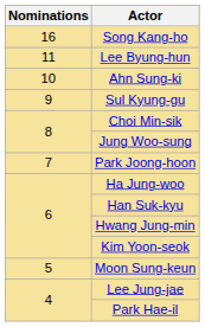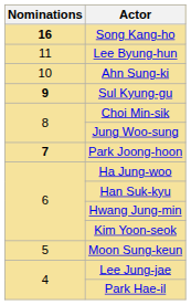 <table class="wikitable" rowspan=2 style="text-align: center; background: #f6e39c">
 <tr>
 <th scope="col" width="55">Nominations</th>
 <th scope="col" align="center">Actor</th>
 </tr>
 <tr>
-<td>16</td>
+<td><strong>16</strong></td>
 <td><a href='#'>Song Kang-ho</a></td>
 </tr>
 <tr>
 <td>11</td>
 <td><a href='#'>Lee Byung-hun</a></td>
 </tr>
 <tr>
 <td>10</td>
 <td><a href='#'>Ahn Sung-ki</a></td>
 </tr>
 <tr>
-<td>9</td>
+<td><strong>9</strong></td>
 <td><a href='#'>Sul Kyung-gu</a></td>
 </tr>
 <tr>
 <td rowspan="2">8</td>
 <td><a href='#'>Choi Min-sik</a></td>
 </tr>
 <tr>
 <td><a href='#'>Jung Woo-sung</a></td>
 </tr>
 <tr>
-<td>7</td>
+<td><strong>7</strong></td>
 <td><a href='#'>Park Joong-hoon</a></td>
 </tr>
 <tr>
 <td rowspan="4">6</td>
 <td><a href='#'>Ha Jung-woo</a></td>
 </tr>
 <tr>
 <td><a href='#'>Han Suk-kyu</a></td>
 </tr>
 <tr>
 <td><a href='#'>Hwang Jung-min</a></td>
 </tr>
 <tr>
 <td><a href='#'>Kim Yoon-seok</a></td>
 </tr>
 <tr>
 <td>5</td>
 <td><a href='#'>Moon Sung-keun</a></td>
 </tr>
 <tr>
 <td rowspan="2">4</td>
 <td><a href='#'>Lee Jung-jae</a></td>
 </tr>
 <tr>
 <td><a href='#'>Park Hae-il</a></td>
 </tr>
 </table>
